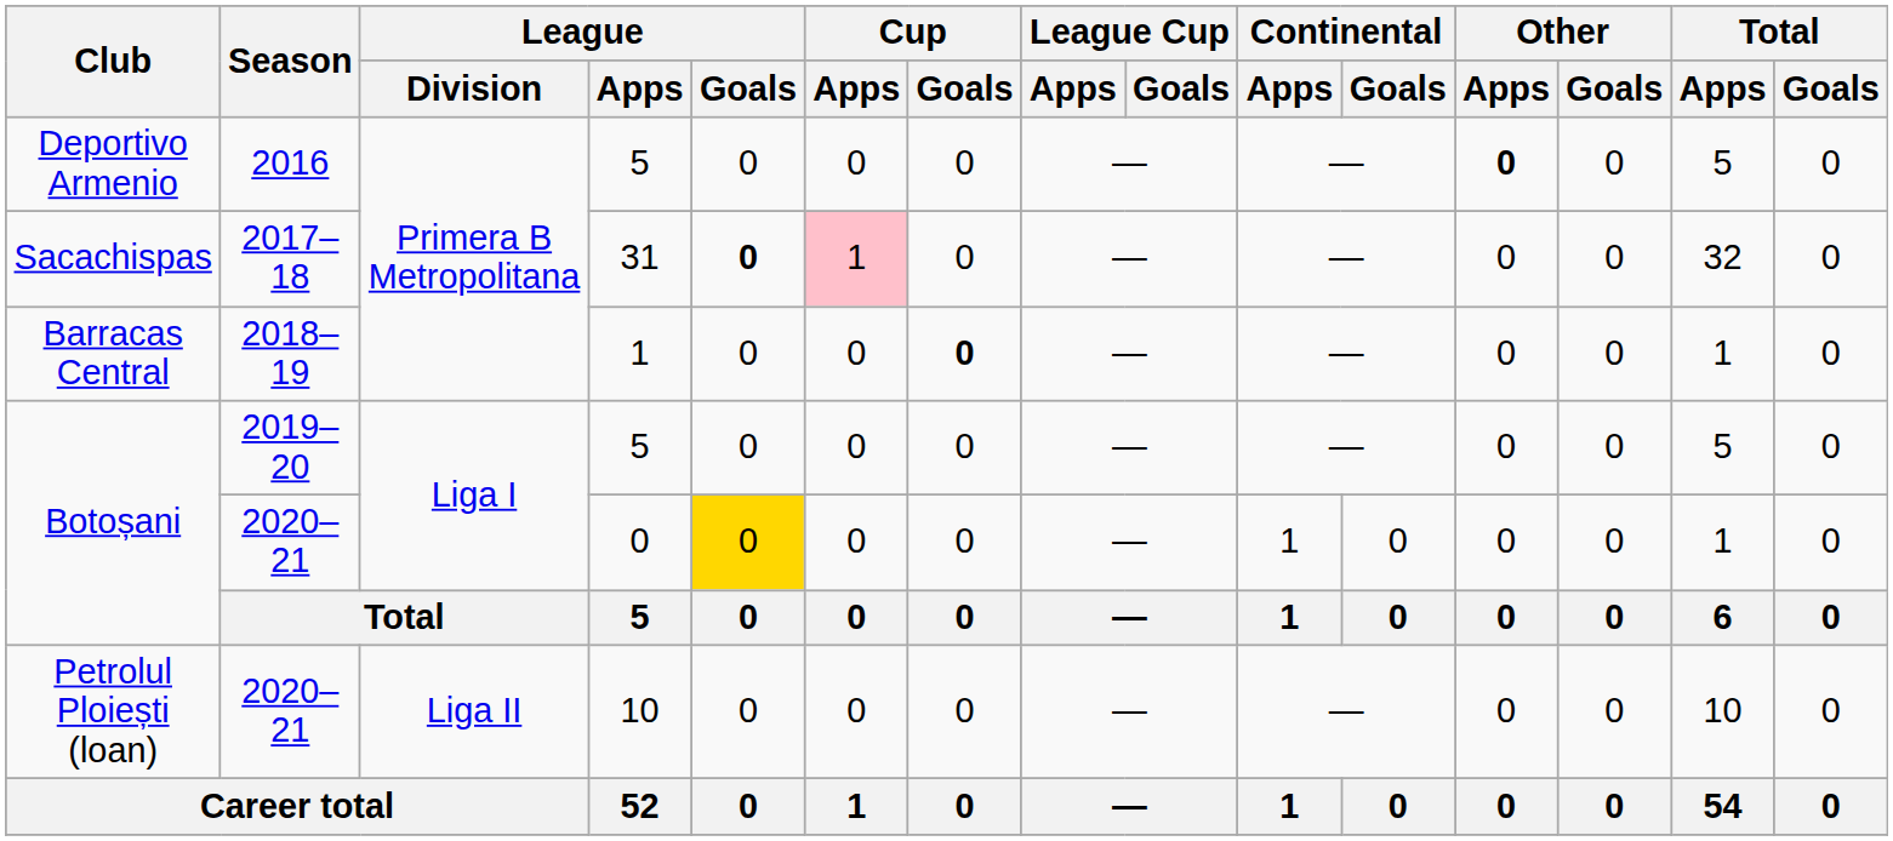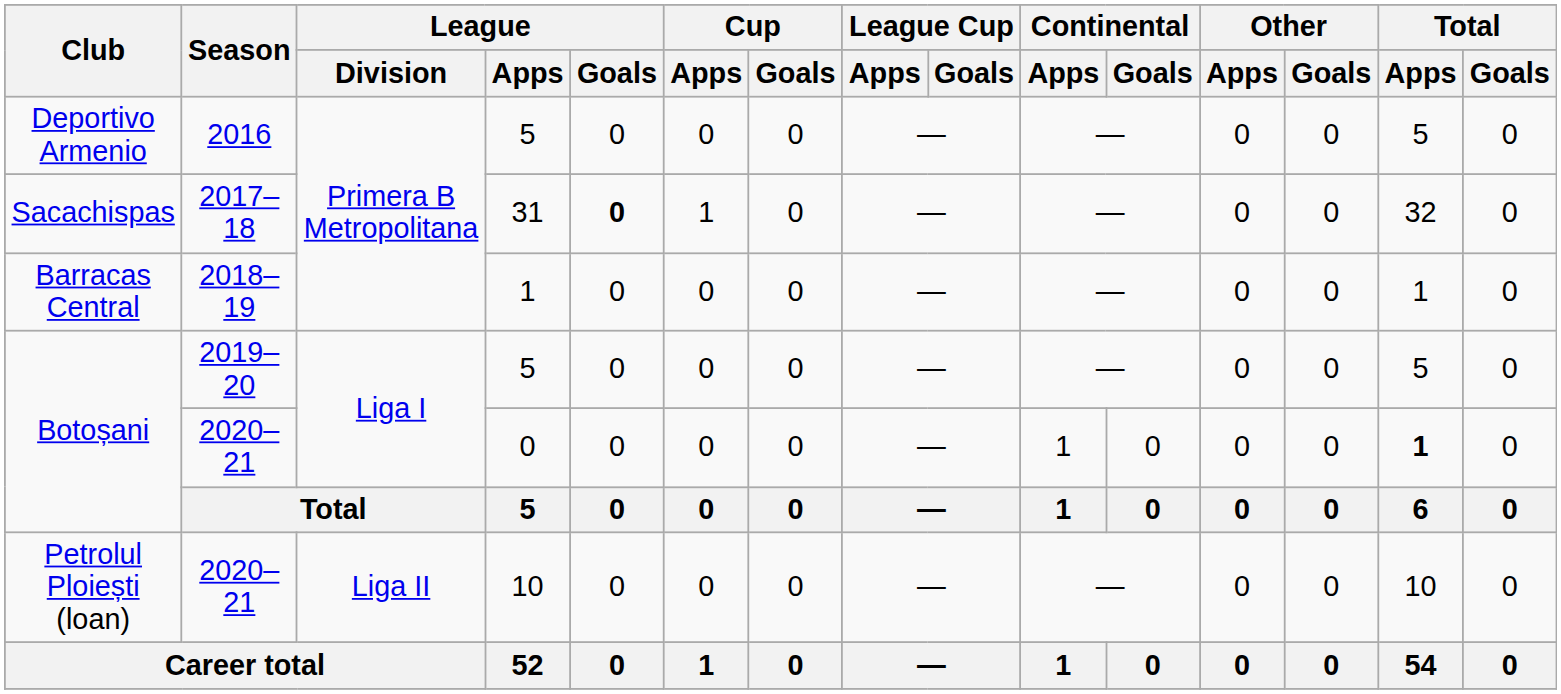 <table class="wikitable" style="text-align:center">
 <tr>
 <th rowspan="2">Club</th>
 <th rowspan="2">Season</th>
 <th colspan="3">League</th>
 <th colspan="2">Cup</th>
 <th colspan="2">League Cup</th>
 <th colspan="2">Continental</th>
 <th colspan="2">Other</th>
 <th colspan="2">Total</th>
 </tr>
 <tr>
 <th>Division</th>
 <th>Apps</th>
 <th>Goals</th>
 <th>Apps</th>
 <th>Goals</th>
 <th>Apps</th>
 <th>Goals</th>
 <th>Apps</th>
 <th>Goals</th>
 <th>Apps</th>
 <th>Goals</th>
 <th>Apps</th>
 <th>Goals</th>
 </tr>
 <tr>
 <td rowspan="1"><a href='#'>Deportivo Armenio</a></td>
 <td><a href='#'>2016</a></td>
 <td rowspan="3"><a href='#'>Primera B Metropolitana</a></td>
 <td>5</td>
 <td>0</td>
 <td>0</td>
 <td>0</td>
 <td colspan="2">—</td>
 <td colspan="2">—</td>
-<td><strong>0</strong></td>
+<td>0</td>
 <td>0</td>
 <td>5</td>
 <td>0</td>
 </tr>
 <tr>
 <td rowspan="1"><a href='#'>Sacachispas</a></td>
 <td><a href='#'>2017–18</a></td>
 <td>31</td>
 <td><strong>0</strong></td>
-<td style="background: pink;">1</td>
+<td>1</td>
 <td>0</td>
 <td colspan="2">—</td>
 <td colspan="2">—</td>
 <td>0</td>
 <td>0</td>
 <td>32</td>
 <td>0</td>
 </tr>
 <tr>
 <td rowspan="1"><a href='#'>Barracas Central</a></td>
 <td><a href='#'>2018–19</a></td>
 <td>1</td>
 <td>0</td>
 <td>0</td>
-<td><strong>0</strong></td>
+<td>0</td>
 <td colspan="2">—</td>
 <td colspan="2">—</td>
 <td>0</td>
 <td>0</td>
 <td>1</td>
 <td>0</td>
 </tr>
 <tr>
 <td rowspan="3"><a href='#'>Botoșani</a></td>
 <td><a href='#'>2019–20</a></td>
 <td rowspan="2"><a href='#'>Liga I</a></td>
 <td>5</td>
 <td>0</td>
 <td>0</td>
 <td>0</td>
 <td colspan="2">—</td>
 <td colspan="2">—</td>
 <td>0</td>
 <td>0</td>
 <td>5</td>
 <td>0</td>
 </tr>
 <tr>
 <td><a href='#'>2020–21</a></td>
 <td>0</td>
-<td style="background: gold;">0</td>
+<td>0</td>
 <td>0</td>
 <td>0</td>
 <td colspan="2">—</td>
 <td>1</td>
 <td>0</td>
 <td>0</td>
 <td>0</td>
-<td>1</td>
+<td><strong>1</strong></td>
 <td>0</td>
 </tr>
 <tr>
 <th colspan="2">Total</th>
 <th>5</th>
 <th>0</th>
 <th>0</th>
 <th>0</th>
 <th colspan="2">—</th>
 <th>1</th>
 <th>0</th>
 <th>0</th>
 <th>0</th>
 <th>6</th>
 <th>0</th>
 </tr>
 <tr>
 <td rowspan="1"><a href='#'>Petrolul Ploiești</a> (loan)</td>
 <td><a href='#'>2020–21</a></td>
 <td rowspan="1"><a href='#'>Liga II</a></td>
 <td>10</td>
 <td>0</td>
 <td>0</td>
 <td>0</td>
 <td colspan="2">—</td>
 <td colspan="2">—</td>
 <td>0</td>
 <td>0</td>
 <td>10</td>
 <td>0</td>
 </tr>
 <tr>
 <th colspan="3">Career total</th>
 <th>52</th>
 <th>0</th>
 <th>1</th>
 <th>0</th>
 <th colspan="2">—</th>
 <th>1</th>
 <th>0</th>
 <th>0</th>
 <th>0</th>
 <th>54</th>
 <th>0</th>
 </tr>
 </table>
